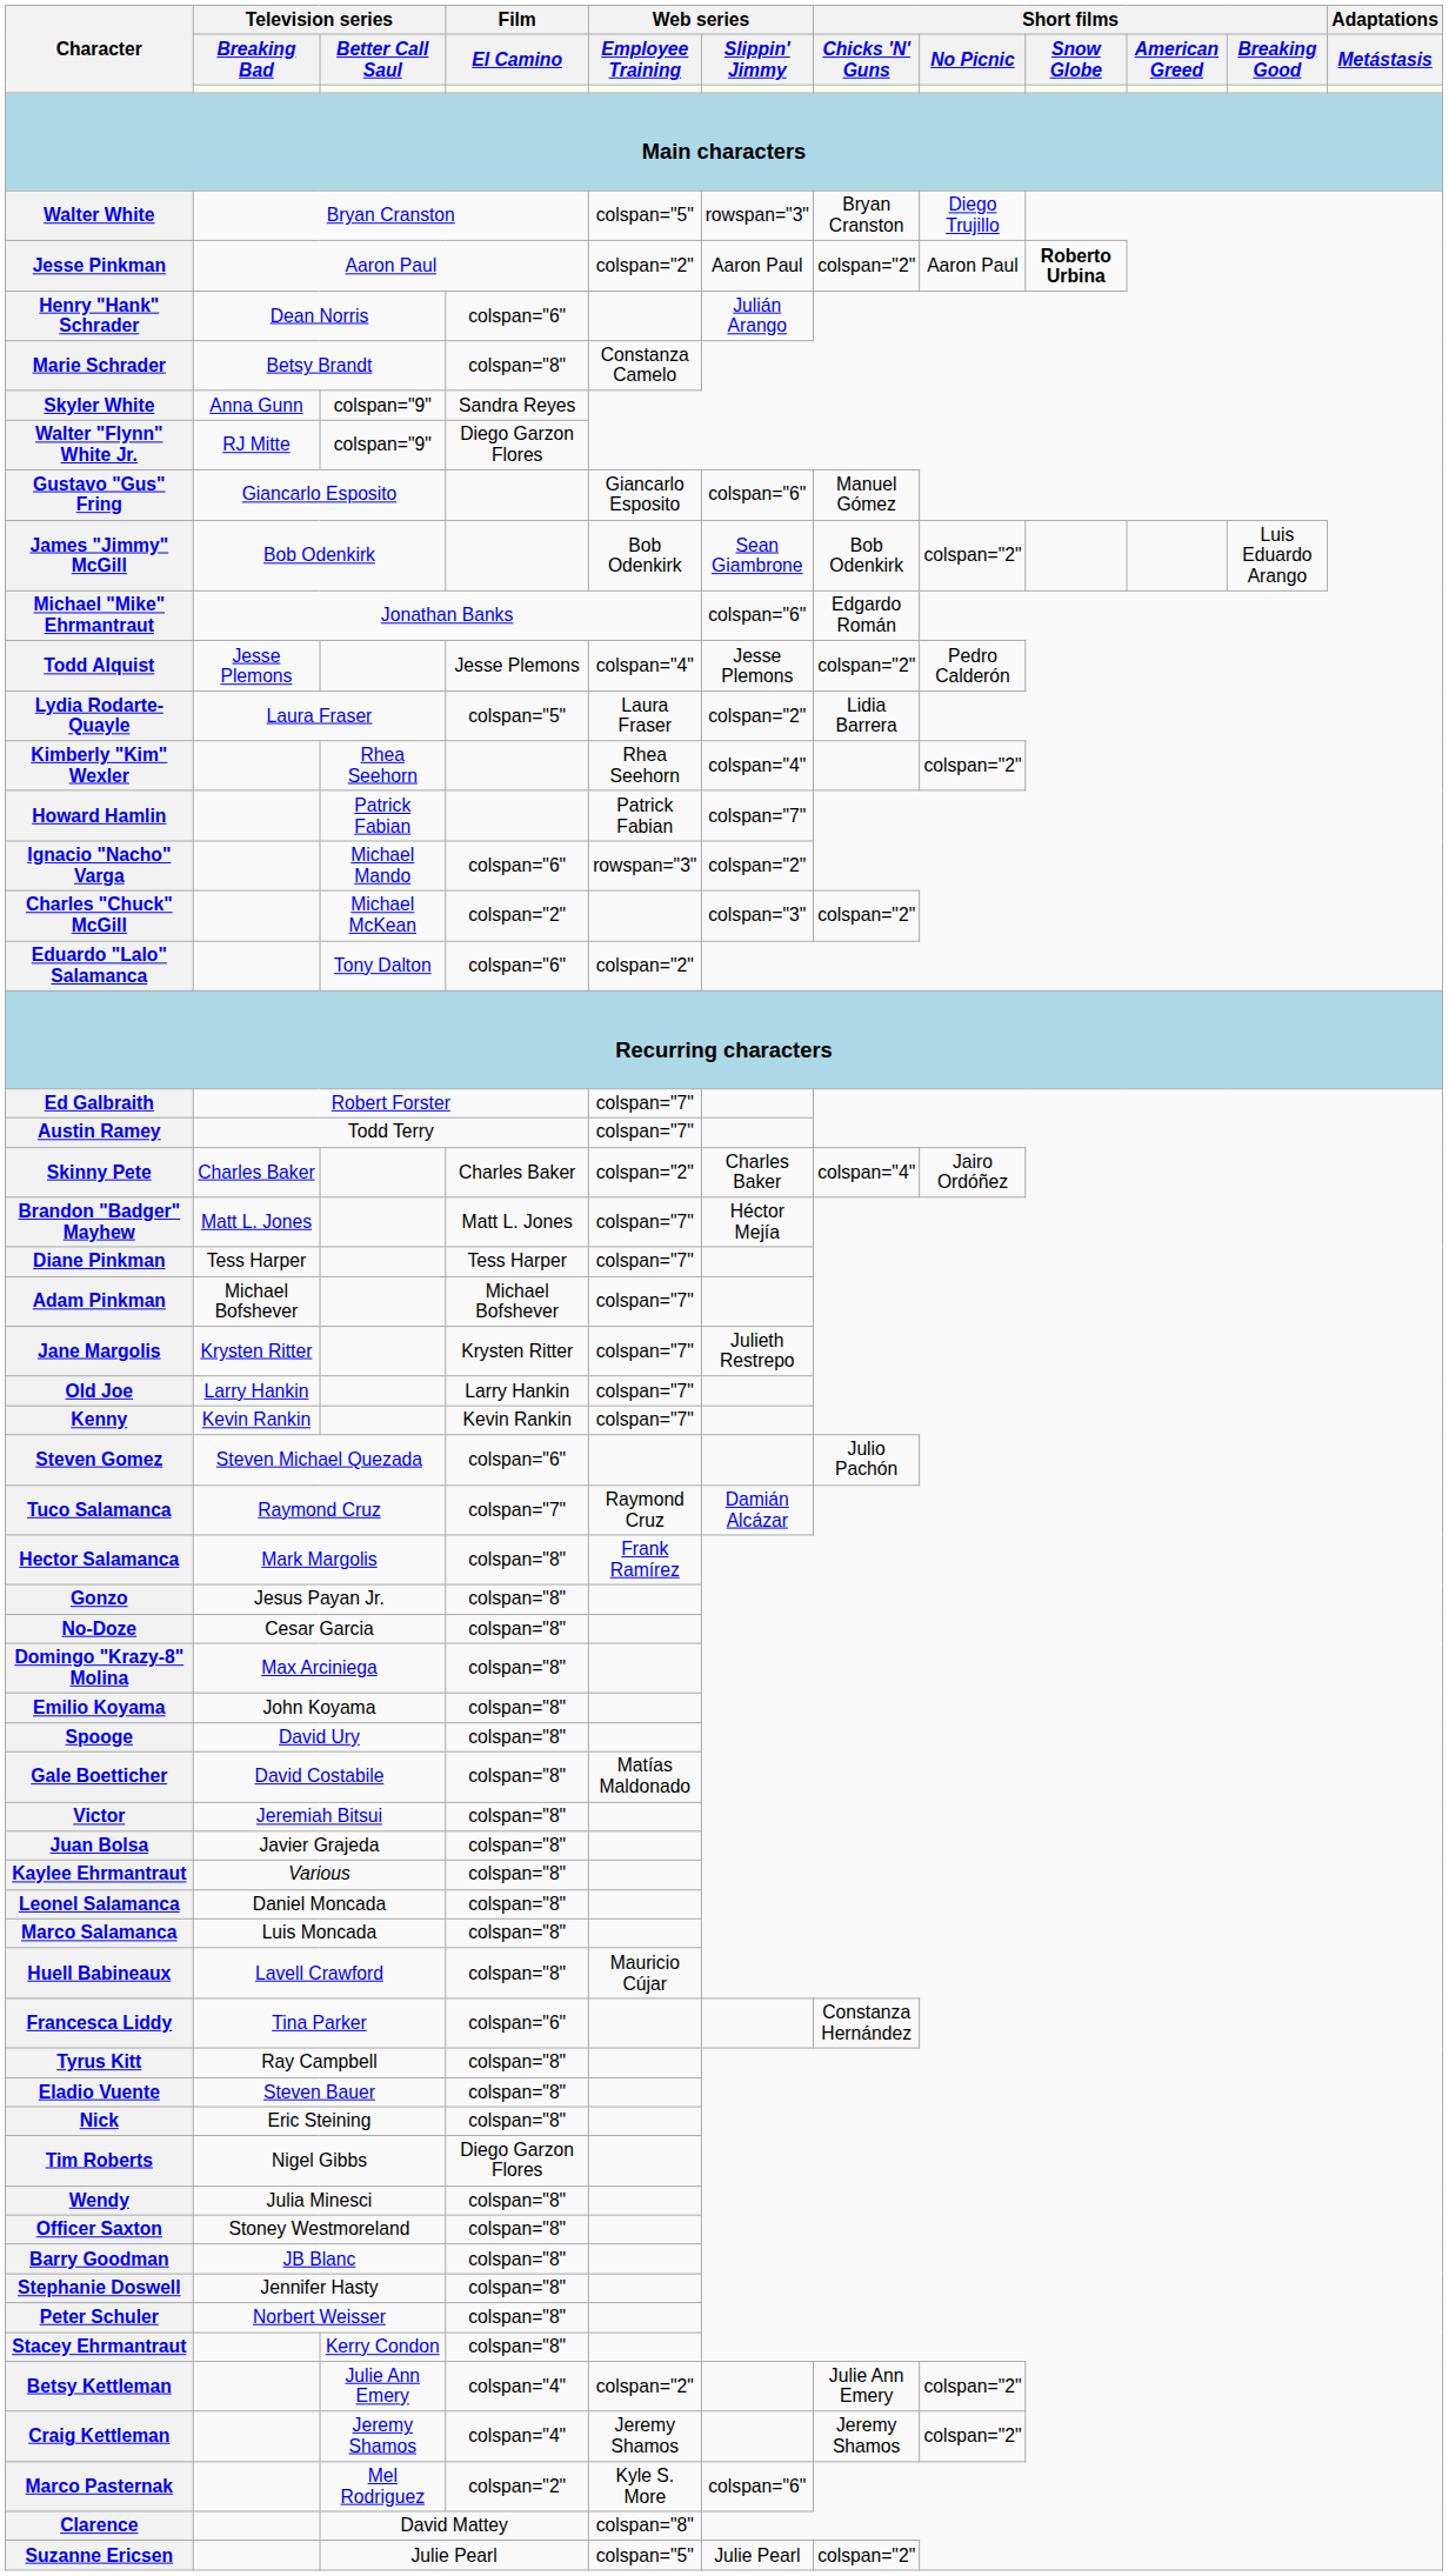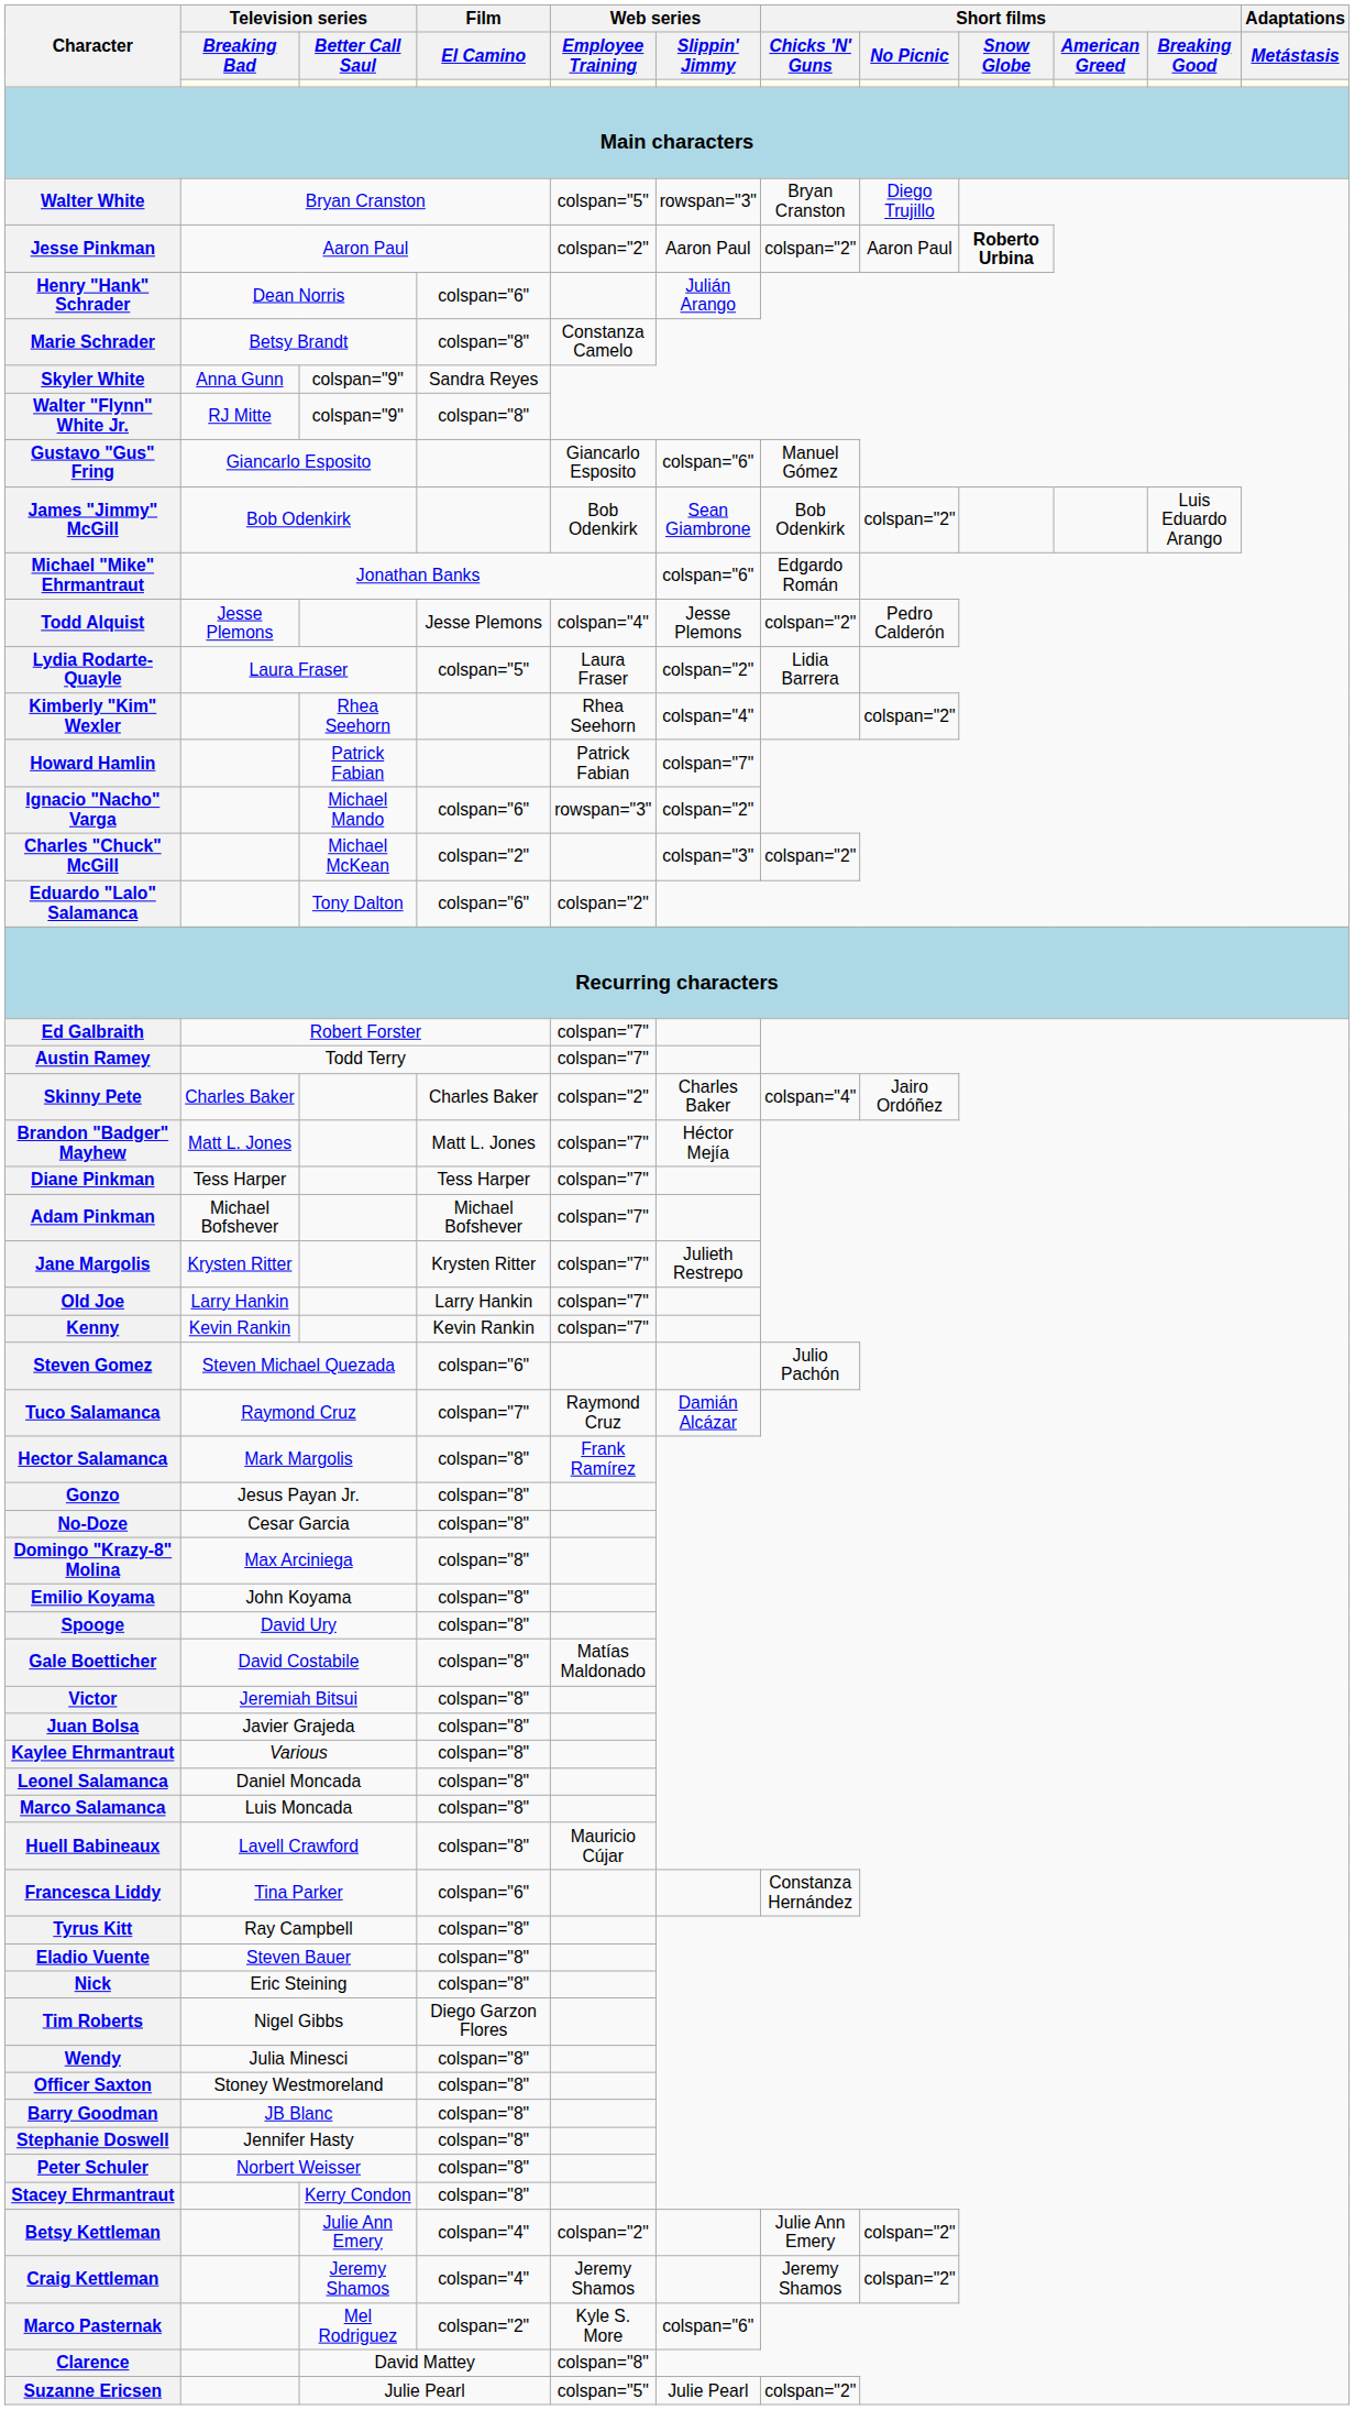 <table class="wikitable" style="text-align:center;">
 <tr>
 <th rowspan="3" scope="col">Character</th>
 <th colspan="2" scope="col">Television series</th>
 <th scope="col">Film</th>
 <th colspan="2" scope="col">Web series</th>
 <th colspan="5" scope="col">Short films</th>
 <th scope="col">Adaptations</th>
 </tr>
 <tr>
 <th scope="col"><em><a href='#'>Breaking Bad</a></em></th>
 <th scope="col"><em><a href='#'>Better Call Saul</a></em></th>
 <th scope="col"><a href='#'><em>El Camino</em></a></th>
 <th scope="col" width="7%"><a href='#'><em>Employee Training</em></a></th>
 <th scope="col" width="7%"><em><a href='#'>Slippin' Jimmy</a></em></th>
 <th scope="col" width="7%"><a href='#'><em>Chicks 'N' Guns</em></a></th>
 <th scope="col" width="7%"><a href='#'><em>No Picnic</em></a></th>
 <th scope="col" width="7%"><a href='#'><em>Snow Globe</em></a></th>
 <th scope="col" width="7%"><a href='#'><em>American Greed</em></a></th>
 <th scope="col" width="7%"><a href='#'><em>Breaking Good</em></a></th>
 <th scope="col"><em><a href='#'>Metástasis</a></em></th>
 </tr>
 <tr>
 <th style="background:ivory;"></th>
 <th style="background:ivory;"></th>
 <th style="background:ivory;"></th>
 <th style="background:ivory;"></th>
 <th style="background:ivory;"></th>
 <th style="background:ivory;"></th>
 <th style="background:ivory;"></th>
 <th style="background:ivory;"></th>
 <th style="background:ivory;"></th>
 <th style="background:ivory;"></th>
 <th style="background:ivory;"></th>
 </tr>
 <tr>
 <th colspan="12" style="background:lightblue;"><br><h3>Main characters</h3></th>
 </tr>
 <tr>
 <th scope="row"><a href='#'>Walter White<br></a></th>
 <td colspan="3"><a href='#'>Bryan Cranston</a></td>
 <td>colspan="5" </td>
 <td>rowspan="3" </td>
 <td>Bryan Cranston</td>
 <td><a href='#'>Diego Trujillo</a></td>
 </tr>
 <tr>
 <th scope="row"><a href='#'>Jesse Pinkman</a></th>
 <td colspan="3"><a href='#'>Aaron Paul</a></td>
 <td>colspan="2" </td>
 <td>Aaron Paul</td>
 <td>colspan="2" </td>
 <td>Aaron Paul</td>
 <td><strong>Roberto Urbina</strong></td>
 </tr>
 <tr>
 <th scope="row"><a href='#'>Henry "Hank" Schrader</a></th>
 <td colspan="2"><a href='#'>Dean Norris</a></td>
 <td>colspan="6" </td>
 <td></td>
 <td><a href='#'>Julián Arango</a></td>
 </tr>
 <tr>
 <th scope="row"><a href='#'>Marie Schrader</a></th>
 <td colspan="2"><a href='#'>Betsy Brandt</a></td>
 <td>colspan="8" </td>
 <td>Constanza Camelo</td>
 </tr>
 <tr>
 <th scope="row"><a href='#'>Skyler White</a></th>
 <td><a href='#'>Anna Gunn</a></td>
 <td>colspan="9" </td>
 <td>Sandra Reyes</td>
 </tr>
 <tr>
 <th scope="row"><a href='#'>Walter "Flynn" White Jr.</a></th>
 <td><a href='#'>RJ Mitte</a></td>
 <td>colspan="9" </td>
-<td>Diego Garzon Flores</td>
+<td>colspan="8" </td>
 </tr>
 <tr>
 <th scope="row"><a href='#'>Gustavo "Gus" Fring<br></a></th>
 <td colspan="2"><a href='#'>Giancarlo Esposito</a></td>
 <td></td>
 <td>Giancarlo Esposito</td>
 <td>colspan="6" </td>
 <td>Manuel Gómez</td>
 </tr>
 <tr>
 <th scope="row"><a href='#'>James "Jimmy" McGill<br></a></th>
 <td colspan="2"><a href='#'>Bob Odenkirk</a></td>
 <td></td>
 <td>Bob Odenkirk</td>
 <td><a href='#'>Sean Giambrone</a></td>
 <td>Bob Odenkirk</td>
 <td>colspan="2" </td>
 <td></td>
 <td></td>
 <td>Luis Eduardo Arango</td>
 </tr>
 <tr>
 <th scope="row"><a href='#'>Michael "Mike" Ehrmantraut</a></th>
 <td colspan="4"><a href='#'>Jonathan Banks</a></td>
 <td>colspan="6" </td>
 <td>Edgardo Román</td>
 </tr>
 <tr>
 <th scope="row"><a href='#'>Todd Alquist</a></th>
 <td><a href='#'>Jesse Plemons</a></td>
 <td></td>
 <td>Jesse Plemons</td>
 <td>colspan="4" </td>
 <td>Jesse Plemons</td>
 <td>colspan="2" </td>
 <td>Pedro Calderón</td>
 </tr>
 <tr>
 <th scope="row"><a href='#'>Lydia Rodarte-Quayle</a></th>
 <td colspan="2"><a href='#'>Laura Fraser</a></td>
 <td>colspan="5" </td>
 <td>Laura Fraser</td>
 <td>colspan="2" </td>
 <td>Lidia Barrera</td>
 </tr>
 <tr>
 <th scope="row"><a href='#'>Kimberly "Kim" Wexler</a></th>
 <td></td>
 <td><a href='#'>Rhea Seehorn</a></td>
 <td></td>
 <td>Rhea Seehorn</td>
 <td>colspan="4" </td>
 <td></td>
 <td>colspan="2" </td>
 </tr>
 <tr>
 <th scope="row"><a href='#'>Howard Hamlin</a></th>
 <td></td>
 <td><a href='#'>Patrick Fabian</a></td>
 <td></td>
 <td>Patrick Fabian</td>
 <td>colspan="7" </td>
 </tr>
 <tr>
 <th scope="row"><a href='#'>Ignacio "Nacho" Varga</a></th>
 <td></td>
 <td><a href='#'>Michael Mando</a></td>
 <td>colspan="6" </td>
 <td>rowspan="3" </td>
 <td>colspan="2"  </td>
 </tr>
 <tr>
 <th scope="row"><a href='#'>Charles "Chuck" McGill</a></th>
 <td></td>
 <td><a href='#'>Michael McKean</a></td>
 <td>colspan="2" </td>
 <td></td>
 <td>colspan="3" </td>
 <td>colspan="2" </td>
 </tr>
 <tr>
 <th scope="row"><a href='#'>Eduardo "Lalo" Salamanca</a></th>
 <td></td>
 <td><a href='#'>Tony Dalton</a></td>
 <td>colspan="6" </td>
 <td>colspan="2" </td>
 </tr>
 <tr>
 <th colspan="13" style="background:lightblue;"><br><h3>Recurring characters</h3></th>
 </tr>
 <tr>
 <th><a href='#'>Ed Galbraith</a></th>
 <td colspan="3"><a href='#'>Robert Forster</a></td>
 <td>colspan="7" </td>
 <td></td>
 </tr>
 <tr>
 <th><a href='#'>Austin Ramey</a></th>
 <td colspan="3">Todd Terry</td>
 <td>colspan="7" </td>
 <td></td>
 </tr>
 <tr>
 <th><a href='#'>Skinny Pete</a></th>
 <td><a href='#'>Charles Baker</a></td>
 <td></td>
 <td>Charles Baker</td>
 <td>colspan="2" </td>
 <td>Charles Baker</td>
 <td>colspan="4" </td>
 <td>Jairo Ordóñez</td>
 </tr>
 <tr>
 <th><a href='#'>Brandon "Badger" Mayhew</a></th>
 <td><a href='#'>Matt L. Jones</a></td>
 <td></td>
 <td>Matt L. Jones</td>
 <td>colspan="7" </td>
 <td>Héctor Mejía</td>
 </tr>
 <tr>
 <th><a href='#'>Diane Pinkman</a></th>
 <td>Tess Harper</td>
 <td></td>
 <td>Tess Harper</td>
 <td>colspan="7" </td>
 <td></td>
 </tr>
 <tr>
 <th><a href='#'>Adam Pinkman</a></th>
 <td>Michael Bofshever</td>
 <td></td>
 <td>Michael Bofshever</td>
 <td>colspan="7" </td>
 <td></td>
 </tr>
 <tr>
 <th><a href='#'>Jane Margolis</a></th>
 <td><a href='#'>Krysten Ritter</a></td>
 <td></td>
 <td>Krysten Ritter</td>
 <td>colspan="7" </td>
 <td>Julieth Restrepo</td>
 </tr>
 <tr>
 <th><a href='#'>Old Joe</a></th>
 <td><a href='#'>Larry Hankin</a></td>
 <td></td>
 <td>Larry Hankin</td>
 <td>colspan="7" </td>
 <td></td>
 </tr>
 <tr>
 <th><a href='#'>Kenny</a></th>
 <td><a href='#'>Kevin Rankin</a></td>
 <td></td>
 <td>Kevin Rankin</td>
 <td>colspan="7" </td>
 <td></td>
 </tr>
 <tr>
 <th><a href='#'>Steven Gomez</a></th>
 <td colspan="2"><a href='#'>Steven Michael Quezada</a></td>
 <td>colspan="6" </td>
 <td></td>
 <td></td>
 <td>Julio Pachón</td>
 </tr>
 <tr>
 <th><a href='#'>Tuco Salamanca</a></th>
 <td colspan="2"><a href='#'>Raymond Cruz</a></td>
 <td>colspan="7" </td>
 <td>Raymond Cruz</td>
 <td><a href='#'>Damián Alcázar</a></td>
 </tr>
 <tr>
 <th><a href='#'>Hector Salamanca</a></th>
 <td colspan="2"><a href='#'>Mark Margolis</a></td>
 <td>colspan="8" </td>
 <td><a href='#'>Frank Ramírez</a></td>
 </tr>
 <tr>
 <th><a href='#'>Gonzo</a></th>
 <td colspan="2">Jesus Payan Jr.</td>
 <td>colspan="8" </td>
 <td></td>
 </tr>
 <tr>
 <th><a href='#'>No-Doze</a></th>
 <td colspan="2">Cesar Garcia</td>
 <td>colspan="8" </td>
 <td></td>
 </tr>
 <tr>
 <th><a href='#'>Domingo "Krazy-8" Molina</a></th>
 <td colspan="2"><a href='#'>Max Arciniega</a></td>
 <td>colspan="8" </td>
 <td></td>
 </tr>
 <tr>
 <th><a href='#'>Emilio Koyama</a></th>
 <td colspan="2">John Koyama</td>
 <td>colspan="8" </td>
 <td></td>
 </tr>
 <tr>
 <th><a href='#'>Spooge</a></th>
 <td colspan="2"><a href='#'>David Ury</a></td>
 <td>colspan="8" </td>
 <td></td>
 </tr>
 <tr>
 <th><a href='#'>Gale Boetticher</a></th>
 <td colspan="2"><a href='#'>David Costabile</a></td>
 <td>colspan="8" </td>
 <td>Matías Maldonado</td>
 </tr>
 <tr>
 <th><a href='#'>Victor</a></th>
 <td colspan="2"><a href='#'>Jeremiah Bitsui</a></td>
 <td>colspan="8" </td>
 <td></td>
 </tr>
 <tr>
 <th><a href='#'>Juan Bolsa</a></th>
 <td colspan="2">Javier Grajeda</td>
 <td>colspan="8" </td>
 <td></td>
 </tr>
 <tr>
 <th><a href='#'>Kaylee Ehrmantraut</a></th>
 <td colspan="2"><em>Various</em></td>
 <td>colspan="8" </td>
 <td></td>
 </tr>
 <tr>
 <th><a href='#'>Leonel Salamanca</a></th>
 <td colspan="2">Daniel Moncada</td>
 <td>colspan="8" </td>
 <td></td>
 </tr>
 <tr>
 <th><a href='#'>Marco Salamanca</a></th>
 <td colspan="2">Luis Moncada</td>
 <td>colspan="8" </td>
 <td></td>
 </tr>
 <tr>
 <th><a href='#'>Huell Babineaux</a></th>
 <td colspan="2"><a href='#'>Lavell Crawford</a></td>
 <td>colspan="8" </td>
 <td>Mauricio Cújar</td>
 </tr>
 <tr>
 <th><a href='#'>Francesca Liddy</a></th>
 <td colspan="2"><a href='#'>Tina Parker</a></td>
 <td>colspan="6" </td>
 <td></td>
 <td></td>
 <td>Constanza Hernández</td>
 </tr>
 <tr>
 <th><a href='#'>Tyrus Kitt</a></th>
 <td colspan="2">Ray Campbell</td>
 <td>colspan="8" </td>
 <td></td>
 </tr>
 <tr>
 <th><a href='#'>Eladio Vuente</a></th>
 <td colspan="2"><a href='#'>Steven Bauer</a></td>
 <td>colspan="8" </td>
 <td></td>
 </tr>
 <tr>
 <th><a href='#'>Nick</a></th>
 <td colspan="2">Eric Steining</td>
 <td>colspan="8" </td>
 <td></td>
 </tr>
 <tr>
 <th><a href='#'>Tim Roberts</a></th>
 <td colspan="2">Nigel Gibbs</td>
 <td>Diego Garzon Flores</td>
 <td></td>
 </tr>
 <tr>
 <th><a href='#'>Wendy</a></th>
 <td colspan="2">Julia Minesci</td>
 <td>colspan="8" </td>
 <td></td>
 </tr>
 <tr>
 <th><a href='#'>Officer Saxton</a></th>
 <td colspan="2">Stoney Westmoreland</td>
 <td>colspan="8" </td>
 <td></td>
 </tr>
 <tr>
 <th><a href='#'>Barry Goodman</a></th>
 <td colspan="2"><a href='#'>JB Blanc</a></td>
 <td>colspan="8" </td>
 <td></td>
 </tr>
 <tr>
 <th><a href='#'>Stephanie Doswell</a></th>
 <td colspan="2">Jennifer Hasty</td>
 <td>colspan="8" </td>
 <td></td>
 </tr>
 <tr>
 <th><a href='#'>Peter Schuler</a></th>
 <td colspan="2"><a href='#'>Norbert Weisser</a></td>
 <td>colspan="8" </td>
 <td></td>
 </tr>
 <tr>
 <th><a href='#'>Stacey Ehrmantraut</a></th>
 <td></td>
 <td><a href='#'>Kerry Condon</a></td>
 <td>colspan="8" </td>
 <td></td>
 </tr>
 <tr>
 <th><a href='#'>Betsy Kettleman</a></th>
 <td></td>
 <td><a href='#'>Julie Ann Emery</a></td>
 <td>colspan="4" </td>
 <td>colspan="2" </td>
 <td></td>
 <td>Julie Ann Emery</td>
 <td>colspan="2" </td>
 </tr>
 <tr>
 <th><a href='#'>Craig Kettleman</a></th>
 <td></td>
 <td><a href='#'>Jeremy Shamos</a></td>
 <td>colspan="4" </td>
 <td>Jeremy Shamos</td>
 <td></td>
 <td>Jeremy Shamos</td>
 <td>colspan="2" </td>
 </tr>
 <tr>
 <th scope="row"><a href='#'>Marco Pasternak</a></th>
 <td></td>
 <td><a href='#'>Mel Rodriguez</a></td>
 <td>colspan="2" </td>
 <td>Kyle S. More</td>
 <td>colspan="6" </td>
 </tr>
 <tr>
 <th><a href='#'>Clarence</a></th>
 <td></td>
 <td colspan="2">David Mattey</td>
 <td>colspan="8" </td>
 </tr>
 <tr>
 <th><a href='#'>Suzanne Ericsen</a></th>
 <td></td>
 <td colspan="2">Julie Pearl</td>
 <td>colspan="5" </td>
 <td>Julie Pearl</td>
 <td>colspan="2" </td>
 </tr>
 </table>
